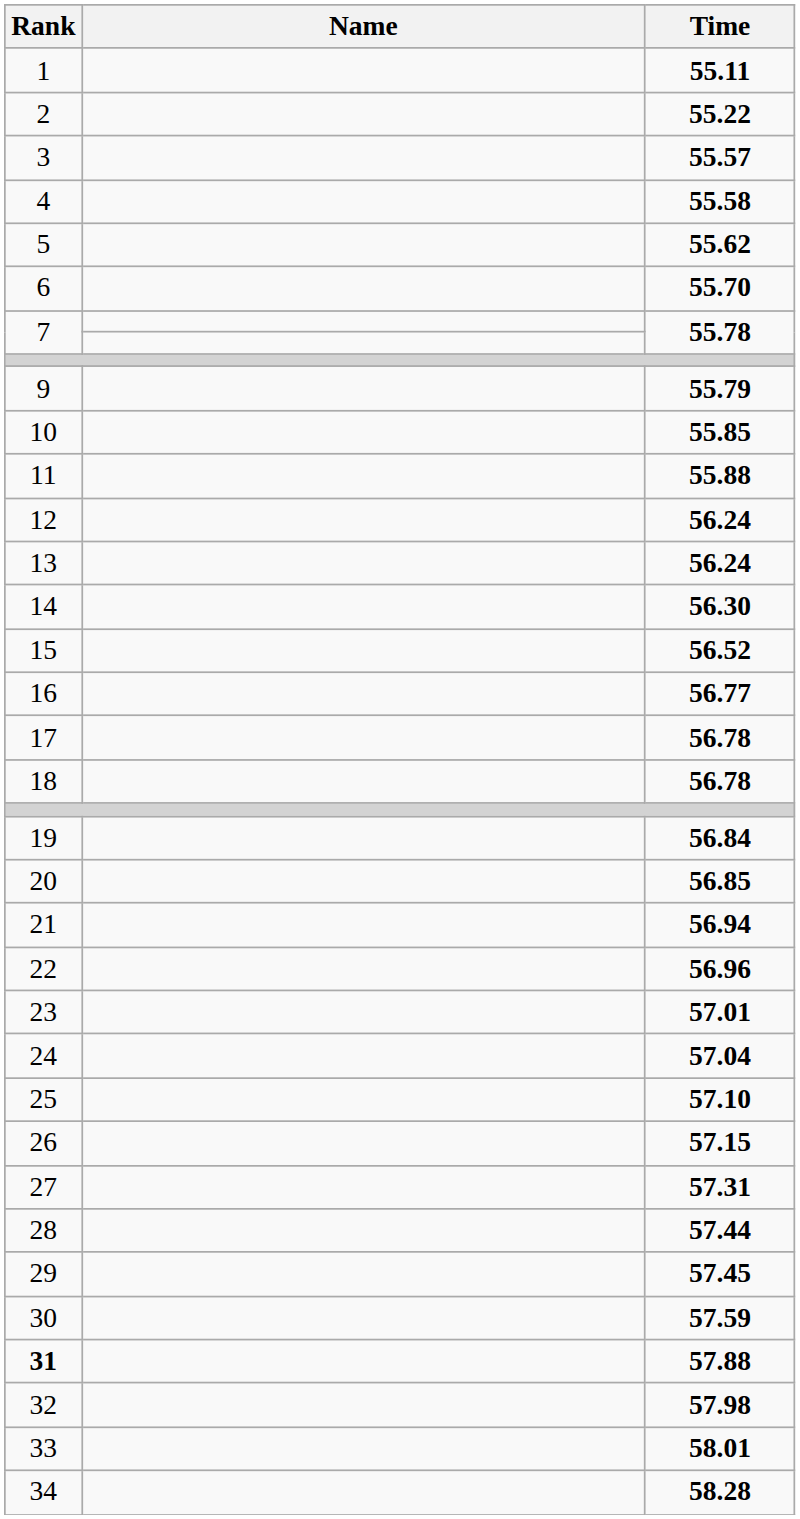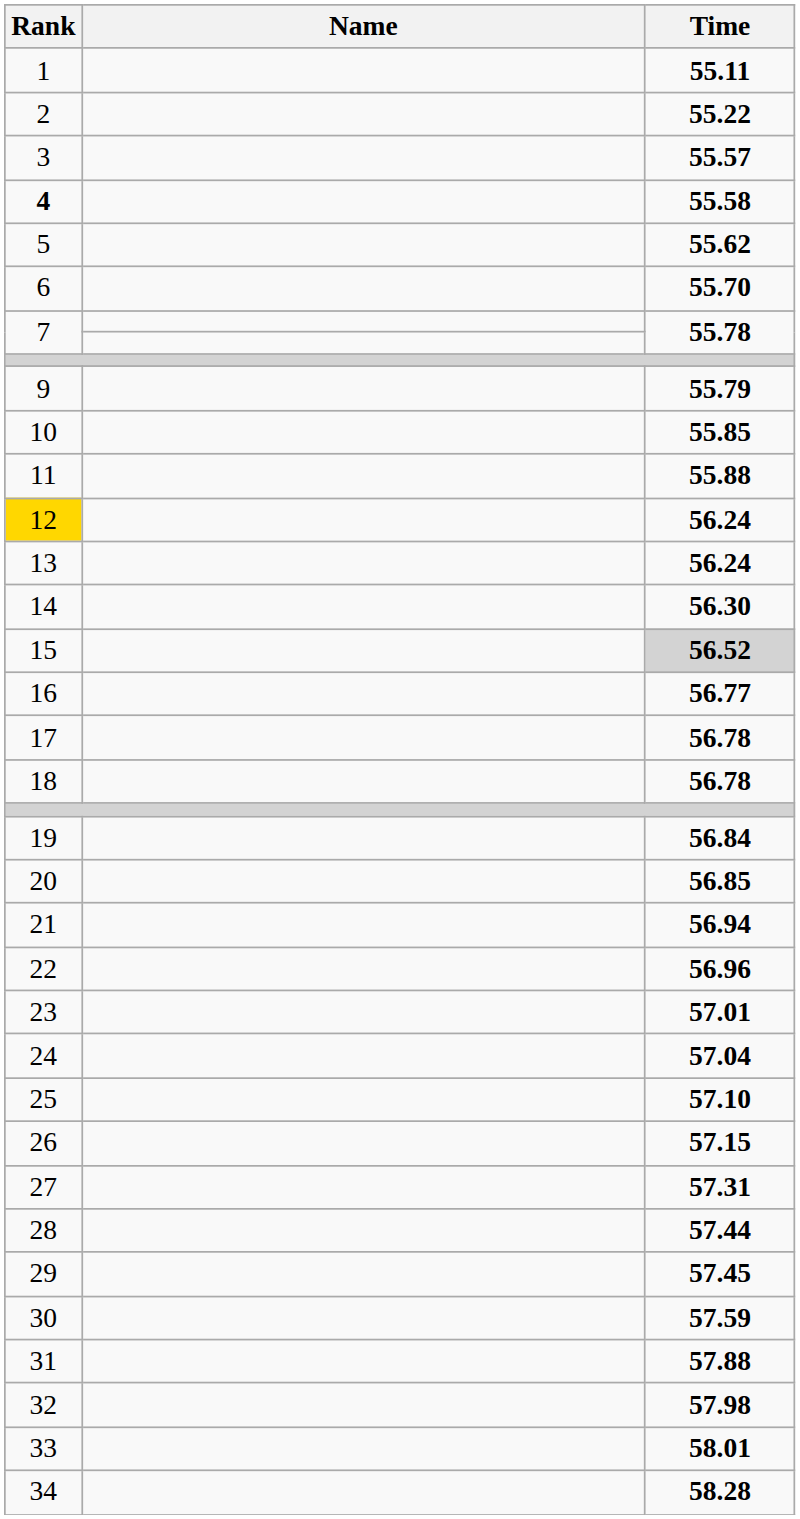 <table class="wikitable">
 <tr>
 <th>Rank</th>
 <th align="center" style="width: 20em">Name</th>
 <th align="center" style="width: 5em">Time</th>
 </tr>
 <tr>
 <td align="center">1</td>
 <td></td>
 <td align="center"><strong>55.11</strong></td>
 </tr>
 <tr>
 <td align="center">2</td>
 <td></td>
 <td align="center"><strong>55.22</strong></td>
 </tr>
 <tr>
 <td align="center">3</td>
 <td></td>
 <td align="center"><strong>55.57</strong></td>
 </tr>
 <tr>
-<td align="center">4</td>
+<td align="center"><strong>4</strong></td>
 <td></td>
 <td align="center"><strong>55.58</strong></td>
 </tr>
 <tr>
 <td align="center">5</td>
 <td></td>
 <td align="center"><strong>55.62</strong></td>
 </tr>
 <tr>
 <td align="center">6</td>
 <td></td>
 <td align="center"><strong>55.70</strong></td>
 </tr>
 <tr>
 <td rowspan=2 align="center">7</td>
 <td></td>
 <td rowspan=2 align="center"><strong>55.78</strong></td>
 </tr>
 <tr>
 <td></td>
 </tr>
 <tr>
 <td colspan=3 bgcolor=lightgray></td>
 </tr>
 <tr>
 <td align="center">9</td>
 <td></td>
 <td align="center"><strong>55.79</strong></td>
 </tr>
 <tr>
 <td align="center">10</td>
 <td></td>
 <td align="center"><strong>55.85</strong></td>
 </tr>
 <tr>
 <td align="center">11</td>
 <td></td>
 <td align="center"><strong>55.88</strong></td>
 </tr>
 <tr>
-<td align="center">12</td>
+<td align="center" style="background: gold;">12</td>
 <td></td>
 <td align="center"><strong>56.24</strong></td>
 </tr>
 <tr>
 <td align="center">13</td>
 <td></td>
 <td align="center"><strong>56.24</strong></td>
 </tr>
 <tr>
 <td align="center">14</td>
 <td></td>
 <td align="center"><strong>56.30</strong></td>
 </tr>
 <tr>
 <td align="center">15</td>
 <td></td>
-<td align="center"><strong>56.52</strong></td>
+<td align="center" style="background: lightgrey;"><strong>56.52</strong></td>
 </tr>
 <tr>
 <td align="center">16</td>
 <td></td>
 <td align="center"><strong>56.77</strong></td>
 </tr>
 <tr>
 <td align="center">17</td>
 <td></td>
 <td align="center"><strong>56.78</strong></td>
 </tr>
 <tr>
 <td align="center">18</td>
 <td></td>
 <td align="center"><strong>56.78</strong></td>
 </tr>
 <tr>
 <td colspan=3 bgcolor=lightgray></td>
 </tr>
 <tr>
 <td align="center">19</td>
 <td></td>
 <td align="center"><strong>56.84</strong></td>
 </tr>
 <tr>
 <td align="center">20</td>
 <td></td>
 <td align="center"><strong>56.85</strong></td>
 </tr>
 <tr>
 <td align="center">21</td>
 <td></td>
 <td align="center"><strong>56.94</strong></td>
 </tr>
 <tr>
 <td align="center">22</td>
 <td></td>
 <td align="center"><strong>56.96</strong></td>
 </tr>
 <tr>
 <td align="center">23</td>
 <td></td>
 <td align="center"><strong>57.01</strong></td>
 </tr>
 <tr>
 <td align="center">24</td>
 <td></td>
 <td align="center"><strong>57.04</strong></td>
 </tr>
 <tr>
 <td align="center">25</td>
 <td></td>
 <td align="center"><strong>57.10</strong></td>
 </tr>
 <tr>
 <td align="center">26</td>
 <td></td>
 <td align="center"><strong>57.15</strong></td>
 </tr>
 <tr>
 <td align="center">27</td>
 <td></td>
 <td align="center"><strong>57.31</strong></td>
 </tr>
 <tr>
 <td align="center">28</td>
 <td></td>
 <td align="center"><strong>57.44</strong></td>
 </tr>
 <tr>
 <td align="center">29</td>
 <td></td>
 <td align="center"><strong>57.45</strong></td>
 </tr>
 <tr>
 <td align="center">30</td>
 <td></td>
 <td align="center"><strong>57.59</strong></td>
 </tr>
 <tr>
-<td align="center"><strong>31</strong></td>
+<td align="center">31</td>
 <td></td>
 <td align="center"><strong>57.88</strong></td>
 </tr>
 <tr>
 <td align="center">32</td>
 <td></td>
 <td align="center"><strong>57.98</strong></td>
 </tr>
 <tr>
 <td align="center">33</td>
 <td></td>
 <td align="center"><strong>58.01</strong></td>
 </tr>
 <tr>
 <td align="center">34</td>
 <td></td>
 <td align="center"><strong>58.28</strong></td>
 </tr>
 </table>
